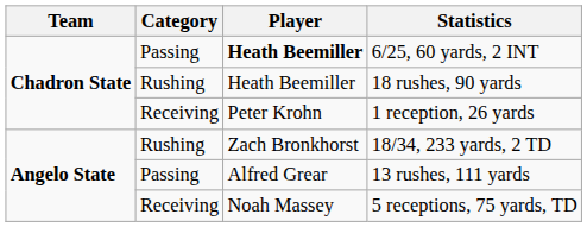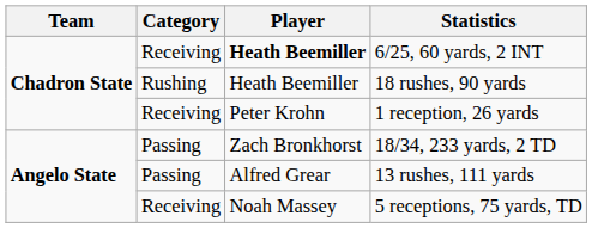 <table class="wikitable" style="float: right;">
 <tr>
 <th>Team</th>
 <th>Category</th>
 <th>Player</th>
 <th>Statistics</th>
 </tr>
 <tr>
 <td rowspan=3><strong>Chadron State</strong></td>
-<td>Passing</td>
+<td>Receiving</td>
 <td><strong>Heath Beemiller</strong></td>
 <td>6/25, 60 yards, 2 INT</td>
 </tr>
 <tr>
 <td>Rushing</td>
 <td>Heath Beemiller</td>
 <td>18 rushes, 90 yards</td>
 </tr>
 <tr>
 <td>Receiving</td>
 <td>Peter Krohn</td>
 <td>1 reception, 26 yards</td>
 </tr>
 <tr>
 <td rowspan=3><strong>Angelo State</strong></td>
-<td>Rushing</td>
+<td>Passing</td>
 <td>Zach Bronkhorst</td>
 <td>18/34, 233 yards, 2 TD</td>
 </tr>
 <tr>
 <td>Passing</td>
 <td>Alfred Grear</td>
 <td>13 rushes, 111 yards</td>
 </tr>
 <tr>
 <td>Receiving</td>
 <td>Noah Massey</td>
 <td>5 receptions, 75 yards, TD</td>
 </tr>
 </table>
